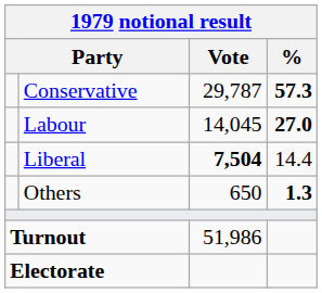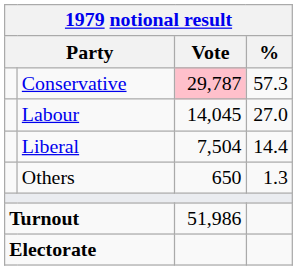 <table class="wikitable">
 <tr>
 <th colspan="4"><a href='#'>1979</a> <a href='#'>notional result</a></th>
 </tr>
 <tr>
 <th bgcolor="#DDDDFF" width="130px" colspan="2">Party</th>
 <th bgcolor="#DDDDFF" width="50px">Vote</th>
 <th bgcolor="#DDDDFF" width="30px">%</th>
 </tr>
 <tr>
 <td></td>
 <td><a href='#'>Conservative</a></td>
-<td align=right>29,787</td>
-<td align=right><strong>57.3</strong></td>
+<td align=right style="background: pink;">29,787</td>
+<td align=right>57.3</td>
 </tr>
 <tr>
 <td></td>
 <td><a href='#'>Labour</a></td>
 <td align=right>14,045</td>
-<td align=right><strong>27.0</strong></td>
+<td align=right>27.0</td>
 </tr>
 <tr>
 <td></td>
 <td><a href='#'>Liberal</a></td>
-<td align=right><strong>7,504</strong></td>
+<td align=right>7,504</td>
 <td align=right>14.4</td>
 </tr>
 <tr>
 <td></td>
 <td>Others</td>
 <td align=right>650</td>
-<td align=right><strong>1.3</strong></td>
+<td align=right>1.3</td>
 </tr>
 <tr>
 <td colspan="4" bgcolor="#EAECF0"></td>
 </tr>
 <tr>
 <td colspan="2"><strong>Turnout</strong></td>
 <td align=right>51,986</td>
 <td align=right></td>
 </tr>
 <tr>
 <td colspan="2"><strong>Electorate</strong></td>
 <td align=right></td>
 </tr>
 </table>
